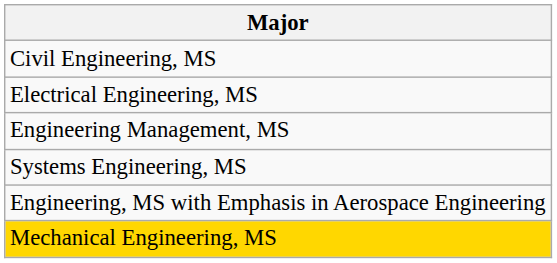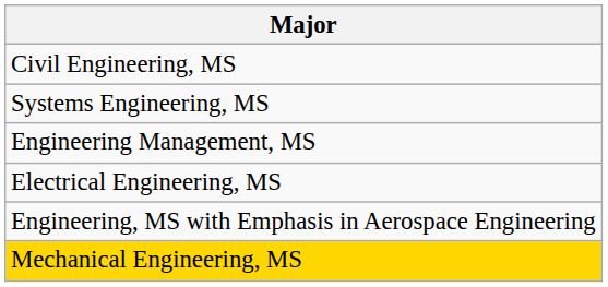 <table class="wikitable sortable" border="CPP College of Engineering Website">
 <tr>
 <th>Major</th>
 </tr>
 <tr>
 <td>Civil Engineering, MS</td>
 </tr>
 <tr>
-<td>Electrical Engineering, MS</td>
+<td>Systems Engineering, MS</td>
 </tr>
 <tr>
 <td>Engineering Management, MS</td>
 </tr>
 <tr>
-<td>Systems Engineering, MS</td>
+<td>Electrical Engineering, MS</td>
 </tr>
 <tr>
 <td>Engineering, MS with Emphasis in Aerospace Engineering</td>
 </tr>
 <tr>
 <td style="background: gold;">Mechanical Engineering, MS</td>
 </tr>
 </table>
